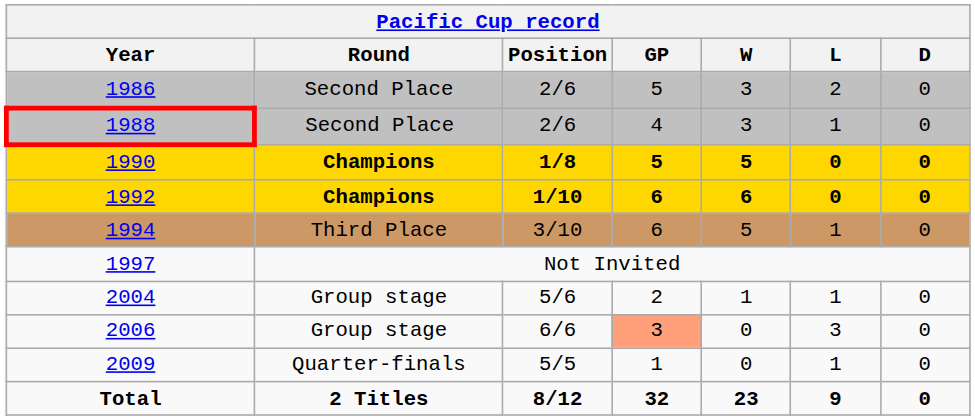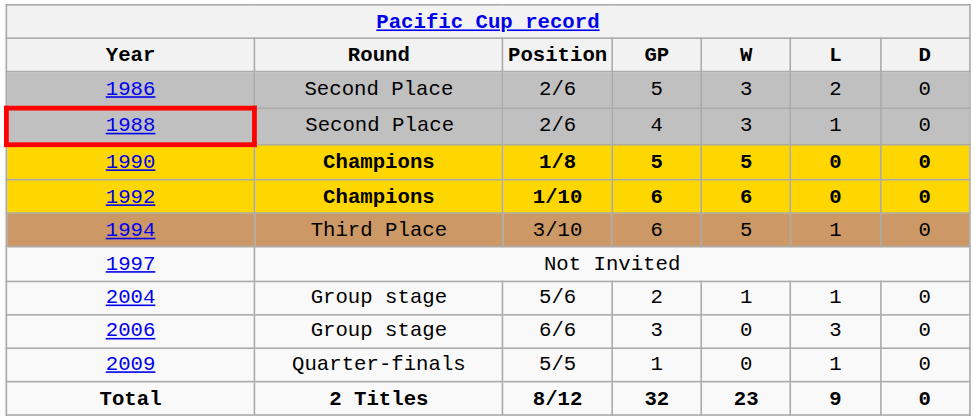 <table class="wikitable" style="text-align: center;">
 <tr>
 <th colspan=9><a href='#'>Pacific Cup record</a></th>
 </tr>
 <tr>
 <th width=150>Year</th>
 <th width=150>Round</th>
 <th width=50>Position</th>
 <th width=50>GP</th>
 <th width=50>W</th>
 <th width=50>L</th>
 <th width=50>D</th>
 </tr>
 <tr style="background:Silver;">
 <td> <a href='#'>1986</a></td>
 <td>Second Place</td>
 <td>2/6</td>
 <td>5</td>
 <td>3</td>
 <td>2</td>
 <td>0</td>
 </tr>
 <tr style="background:Silver;">
 <td style="border: 3px solid red"> <a href='#'>1988</a></td>
 <td>Second Place</td>
 <td>2/6</td>
 <td>4</td>
 <td>3</td>
 <td>1</td>
 <td>0</td>
 </tr>
 <tr style="background:Gold;">
 <td> <a href='#'>1990</a></td>
 <td><strong>Champions</strong></td>
 <td><strong>1/8</strong></td>
 <td><strong>5</strong></td>
 <td><strong>5</strong></td>
 <td><strong>0</strong></td>
 <td><strong>0</strong></td>
 </tr>
 <tr style="background:Gold;">
 <td> <a href='#'>1992</a></td>
 <td><strong>Champions</strong></td>
 <td><strong>1/10</strong></td>
 <td><strong>6</strong></td>
 <td><strong>6</strong></td>
 <td><strong>0</strong></td>
 <td><strong>0</strong></td>
 </tr>
 <tr style="background:#c96;">
 <td> <a href='#'>1994</a></td>
 <td>Third Place</td>
 <td>3/10</td>
 <td>6</td>
 <td>5</td>
 <td>1</td>
 <td>0</td>
 </tr>
 <tr>
 <td> <a href='#'>1997</a></td>
 <td colspan="8">Not Invited</td>
 </tr>
 <tr>
 <td> <a href='#'>2004</a></td>
 <td>Group stage</td>
 <td>5/6</td>
 <td>2</td>
 <td>1</td>
 <td>1</td>
 <td>0</td>
 </tr>
 <tr>
 <td> <a href='#'>2006</a></td>
 <td>Group stage</td>
 <td>6/6</td>
-<td style="background: lightsalmon;">3</td>
+<td>3</td>
 <td>0</td>
 <td>3</td>
 <td>0</td>
 </tr>
 <tr>
 <td> <a href='#'>2009</a></td>
 <td>Quarter-finals</td>
 <td>5/5</td>
 <td>1</td>
 <td>0</td>
 <td>1</td>
 <td>0</td>
 </tr>
 <tr>
 <td><strong>Total</strong></td>
 <td><strong>2 Titles</strong></td>
 <td><strong>8/12</strong></td>
 <td><strong>32</strong></td>
 <td><strong>23</strong></td>
 <td><strong>9</strong></td>
 <td><strong>0</strong></td>
 </tr>
 </table>
